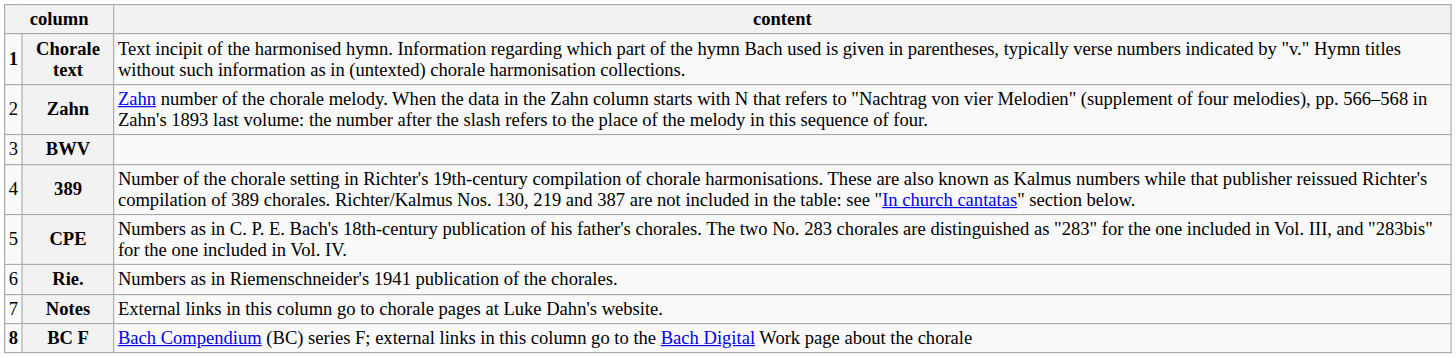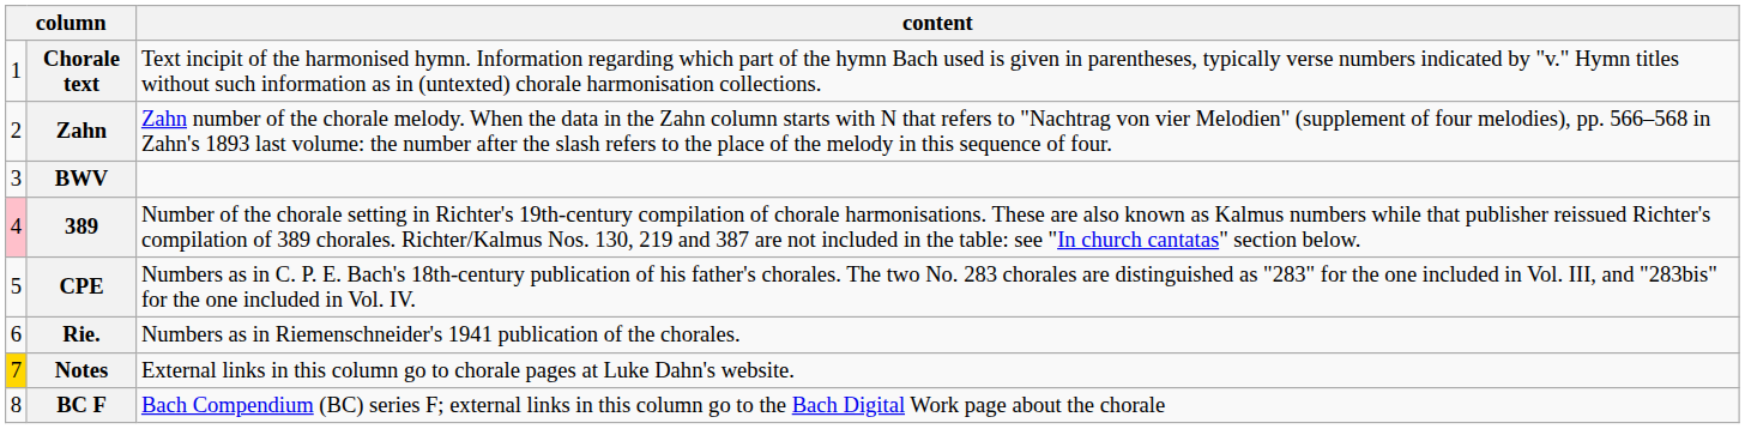 <table class="wikitable">
 <tr>
 <th colspan="2">column</th>
 <th>content</th>
 </tr>
 <tr>
-<td align="center"><strong>1</strong></td>
+<td align="center">1</td>
 <th>Chorale text</th>
 <td>Text incipit of the harmonised hymn. Information regarding which part of the hymn Bach used is given in parentheses, typically verse numbers indicated by "v." Hymn titles without such information as in (untexted) chorale harmonisation collections.</td>
 </tr>
 <tr id="Zahn">
 <td align="center">2</td>
 <th>Zahn</th>
 <td><a href='#'>Zahn</a> number of the chorale melody.  When the data in the Zahn column starts with N that refers to "Nachtrag von vier Melodien" (supplement of four melodies), pp. 566–568 in Zahn's 1893 last volume: the number after the slash refers to the place of the melody in this sequence of four.</td>
 </tr>
 <tr>
 <td align="center">3</td>
 <th>BWV</th>
 <td></td>
 </tr>
 <tr id="389">
-<td align="center">4</td>
+<td align="center" style="background: pink;">4</td>
 <th>389</th>
 <td>Number of the chorale setting in Richter's 19th-century compilation of chorale harmonisations. These are also known as Kalmus numbers while that publisher reissued Richter's compilation of 389 chorales. Richter/Kalmus Nos. 130, 219 and 387 are not included in the table: see "<a href='#'>In church cantatas</a>" section below.</td>
 </tr>
 <tr id="CPE">
 <td align="center">5</td>
 <th>CPE</th>
 <td>Numbers as in C. P. E. Bach's 18th-century publication of his father's chorales. The two No. 283 chorales are distinguished as "283" for the one included in Vol. III, and "283bis" for the one included in Vol. IV.</td>
 </tr>
 <tr id="Rie.">
 <td align="center">6</td>
 <th>Rie.</th>
 <td>Numbers as in Riemenschneider's 1941 publication of the chorales.</td>
 </tr>
 <tr>
-<td align="center">7</td>
+<td align="center" style="background: gold;">7</td>
 <th>Notes</th>
 <td>External links in this column go to chorale pages at Luke Dahn's  website.</td>
 </tr>
 <tr id="BC F">
-<td align="center"><strong>8</strong></td>
+<td align="center">8</td>
 <th>BC F</th>
 <td><a href='#'>Bach Compendium</a> (BC) series F; external links in this column go to the <a href='#'>Bach Digital</a> Work page about the chorale</td>
 </tr>
 </table>
